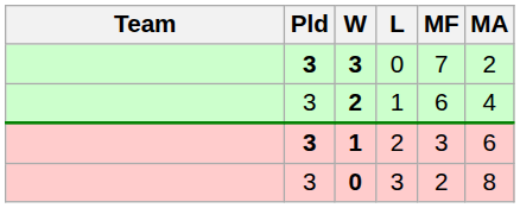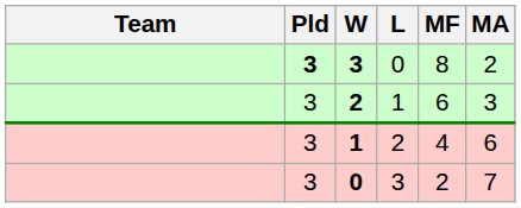 <table class=wikitable style="text-align:center">
 <tr>
 <th width=175>Team</th>
 <th width=20>Pld</th>
 <th width=20>W</th>
 <th width=20>L</th>
 <th width=20>MF</th>
 <th width=20>MA</th>
 </tr>
 <tr bgcolor=ccffcc>
 <td style="text-align:left"></td>
 <td><strong>3</strong></td>
 <td><strong>3</strong></td>
 <td>0</td>
-<td>7</td>
+<td>8</td>
 <td>2</td>
 </tr>
 <tr bgcolor=ccffcc style="border-bottom:2px solid green;">
 <td style="text-align:left"></td>
 <td>3</td>
 <td><strong>2</strong></td>
 <td>1</td>
 <td>6</td>
-<td>4</td>
+<td>3</td>
 </tr>
 <tr bgcolor=ffcccc>
 <td style="text-align:left"></td>
-<td><strong>3</strong></td>
+<td>3</td>
 <td><strong>1</strong></td>
 <td>2</td>
-<td>3</td>
+<td>4</td>
 <td>6</td>
 </tr>
 <tr bgcolor=ffcccc>
 <td style="text-align:left"></td>
 <td>3</td>
 <td><strong>0</strong></td>
 <td>3</td>
 <td>2</td>
-<td>8</td>
+<td>7</td>
 </tr>
 </table>
